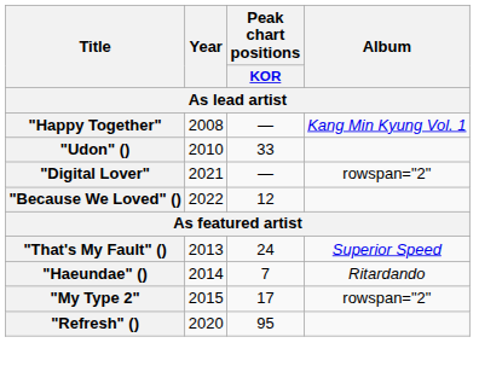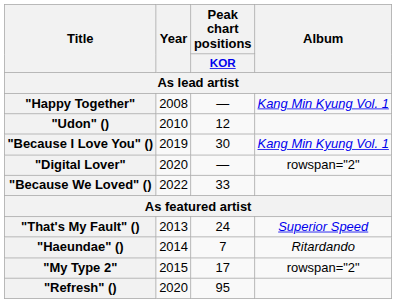 <table class="wikitable plainrowheaders" style="text-align:center">
 <tr>
 <th rowspan="2" scope="col">Title</th>
 <th rowspan="2" scope="col">Year</th>
 <th scope="col">Peak chart positions</th>
 <th rowspan="2" scope="col">Album</th>
 </tr>
 <tr>
 <th scope="col" style="width:2.5em;font-size:90%"><a href='#'>KOR</a><br></th>
 </tr>
 <tr>
 <th colspan="4">As lead artist</th>
 </tr>
 <tr>
 <th scope="row">"Happy Together" </th>
 <td>2008</td>
 <td>—</td>
 <td><em><a href='#'>Kang Min Kyung Vol. 1</a></em></td>
 </tr>
 <tr>
 <th scope="row">"Udon" () </th>
 <td>2010</td>
-<td>33</td>
+<td>12</td>
+</tr>
+<tr>
+<th scope="row">"Because I Love You" ()</th>
+<td>2019</td>
+<td>30</td>
+<td><em><a href='#'>Kang Min Kyung Vol. 1</a></em></td>
 </tr>
 <tr>
 <th scope="row">"Digital Lover"</th>
-<td>2021</td>
+<td>2020</td>
 <td>—</td>
 <td>rowspan="2" </td>
 </tr>
 <tr>
 <th scope="row">"Because We Loved" () </th>
 <td>2022</td>
-<td>12</td>
+<td>33</td>
 </tr>
 <tr>
 <th colspan="4">As featured artist</th>
 </tr>
 <tr>
 <th scope="row">"That's My Fault" () </th>
 <td>2013</td>
 <td>24</td>
 <td><em><a href='#'>Superior Speed</a></em></td>
 </tr>
 <tr>
 <th scope="row">"Haeundae" () </th>
 <td>2014</td>
 <td>7</td>
 <td><em>Ritardando</em></td>
 </tr>
 <tr>
 <th scope="row">"My Type 2" </th>
 <td>2015</td>
 <td>17</td>
 <td>rowspan="2" </td>
 </tr>
 <tr>
 <th scope="row">"Refresh" () </th>
 <td>2020</td>
 <td>95</td>
 </tr>
 </table>
